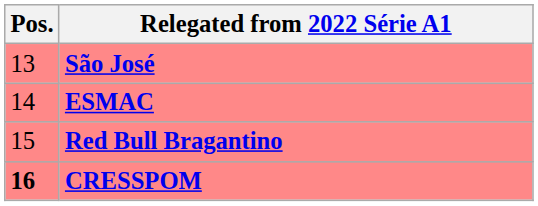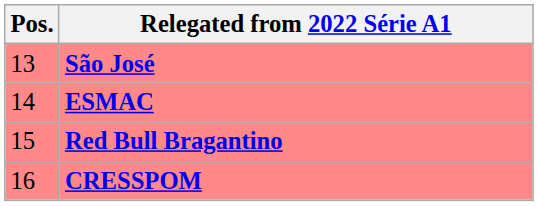 <table class="wikitable">
 <tr>
 <th style="text-align:center;">Pos.</th>
 <th width=300>Relegated from <a href='#'>2022 Série A1</a></th>
 </tr>
 <tr style="background: #FF8888;">
 <td>13</td>
 <td><strong><a href='#'>São José</a></strong></td>
 </tr>
 <tr style="background: #FF8888;">
 <td>14</td>
 <td><strong><a href='#'>ESMAC</a></strong></td>
 </tr>
 <tr style="background: #FF8888;">
 <td>15</td>
 <td><strong><a href='#'>Red Bull Bragantino</a></strong></td>
 </tr>
 <tr style="background: #FF8888;">
-<td><strong>16</strong></td>
+<td>16</td>
 <td><strong><a href='#'>CRESSPOM</a></strong></td>
 </tr>
 </table>
